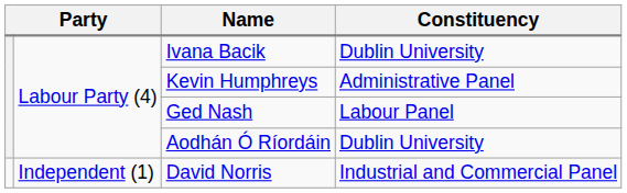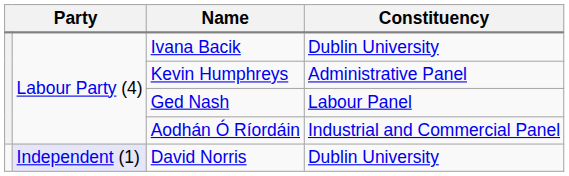 <table class="wikitable">
 <tr style="border-bottom: 2px solid gray;">
 <th colspan=2>Party</th>
 <th>Name</th>
 <th>Constituency</th>
 </tr>
 <tr>
 <th rowspan=4 style="background-color:"></th>
 <td rowspan=4><a href='#'>Labour Party</a> (4)</td>
 <td><a href='#'>Ivana Bacik</a></td>
 <td><a href='#'>Dublin University</a></td>
 </tr>
 <tr>
 <td><a href='#'>Kevin Humphreys</a></td>
 <td><a href='#'>Administrative Panel</a></td>
 </tr>
 <tr>
 <td><a href='#'>Ged Nash</a></td>
 <td><a href='#'>Labour Panel</a></td>
 </tr>
 <tr>
 <td><a href='#'>Aodhán Ó Ríordáin</a></td>
-<td><a href='#'>Dublin University</a></td>
+<td><a href='#'>Industrial and Commercial Panel</a></td>
 </tr>
 <tr>
 <td style="background-color:"></td>
-<td><a href='#'>Independent</a> (1)</td>
+<td style="background: lavender;"><a href='#'>Independent</a> (1)</td>
 <td><a href='#'>David Norris</a></td>
-<td><a href='#'>Industrial and Commercial Panel</a></td>
+<td><a href='#'>Dublin University</a></td>
 </tr>
 </table>
